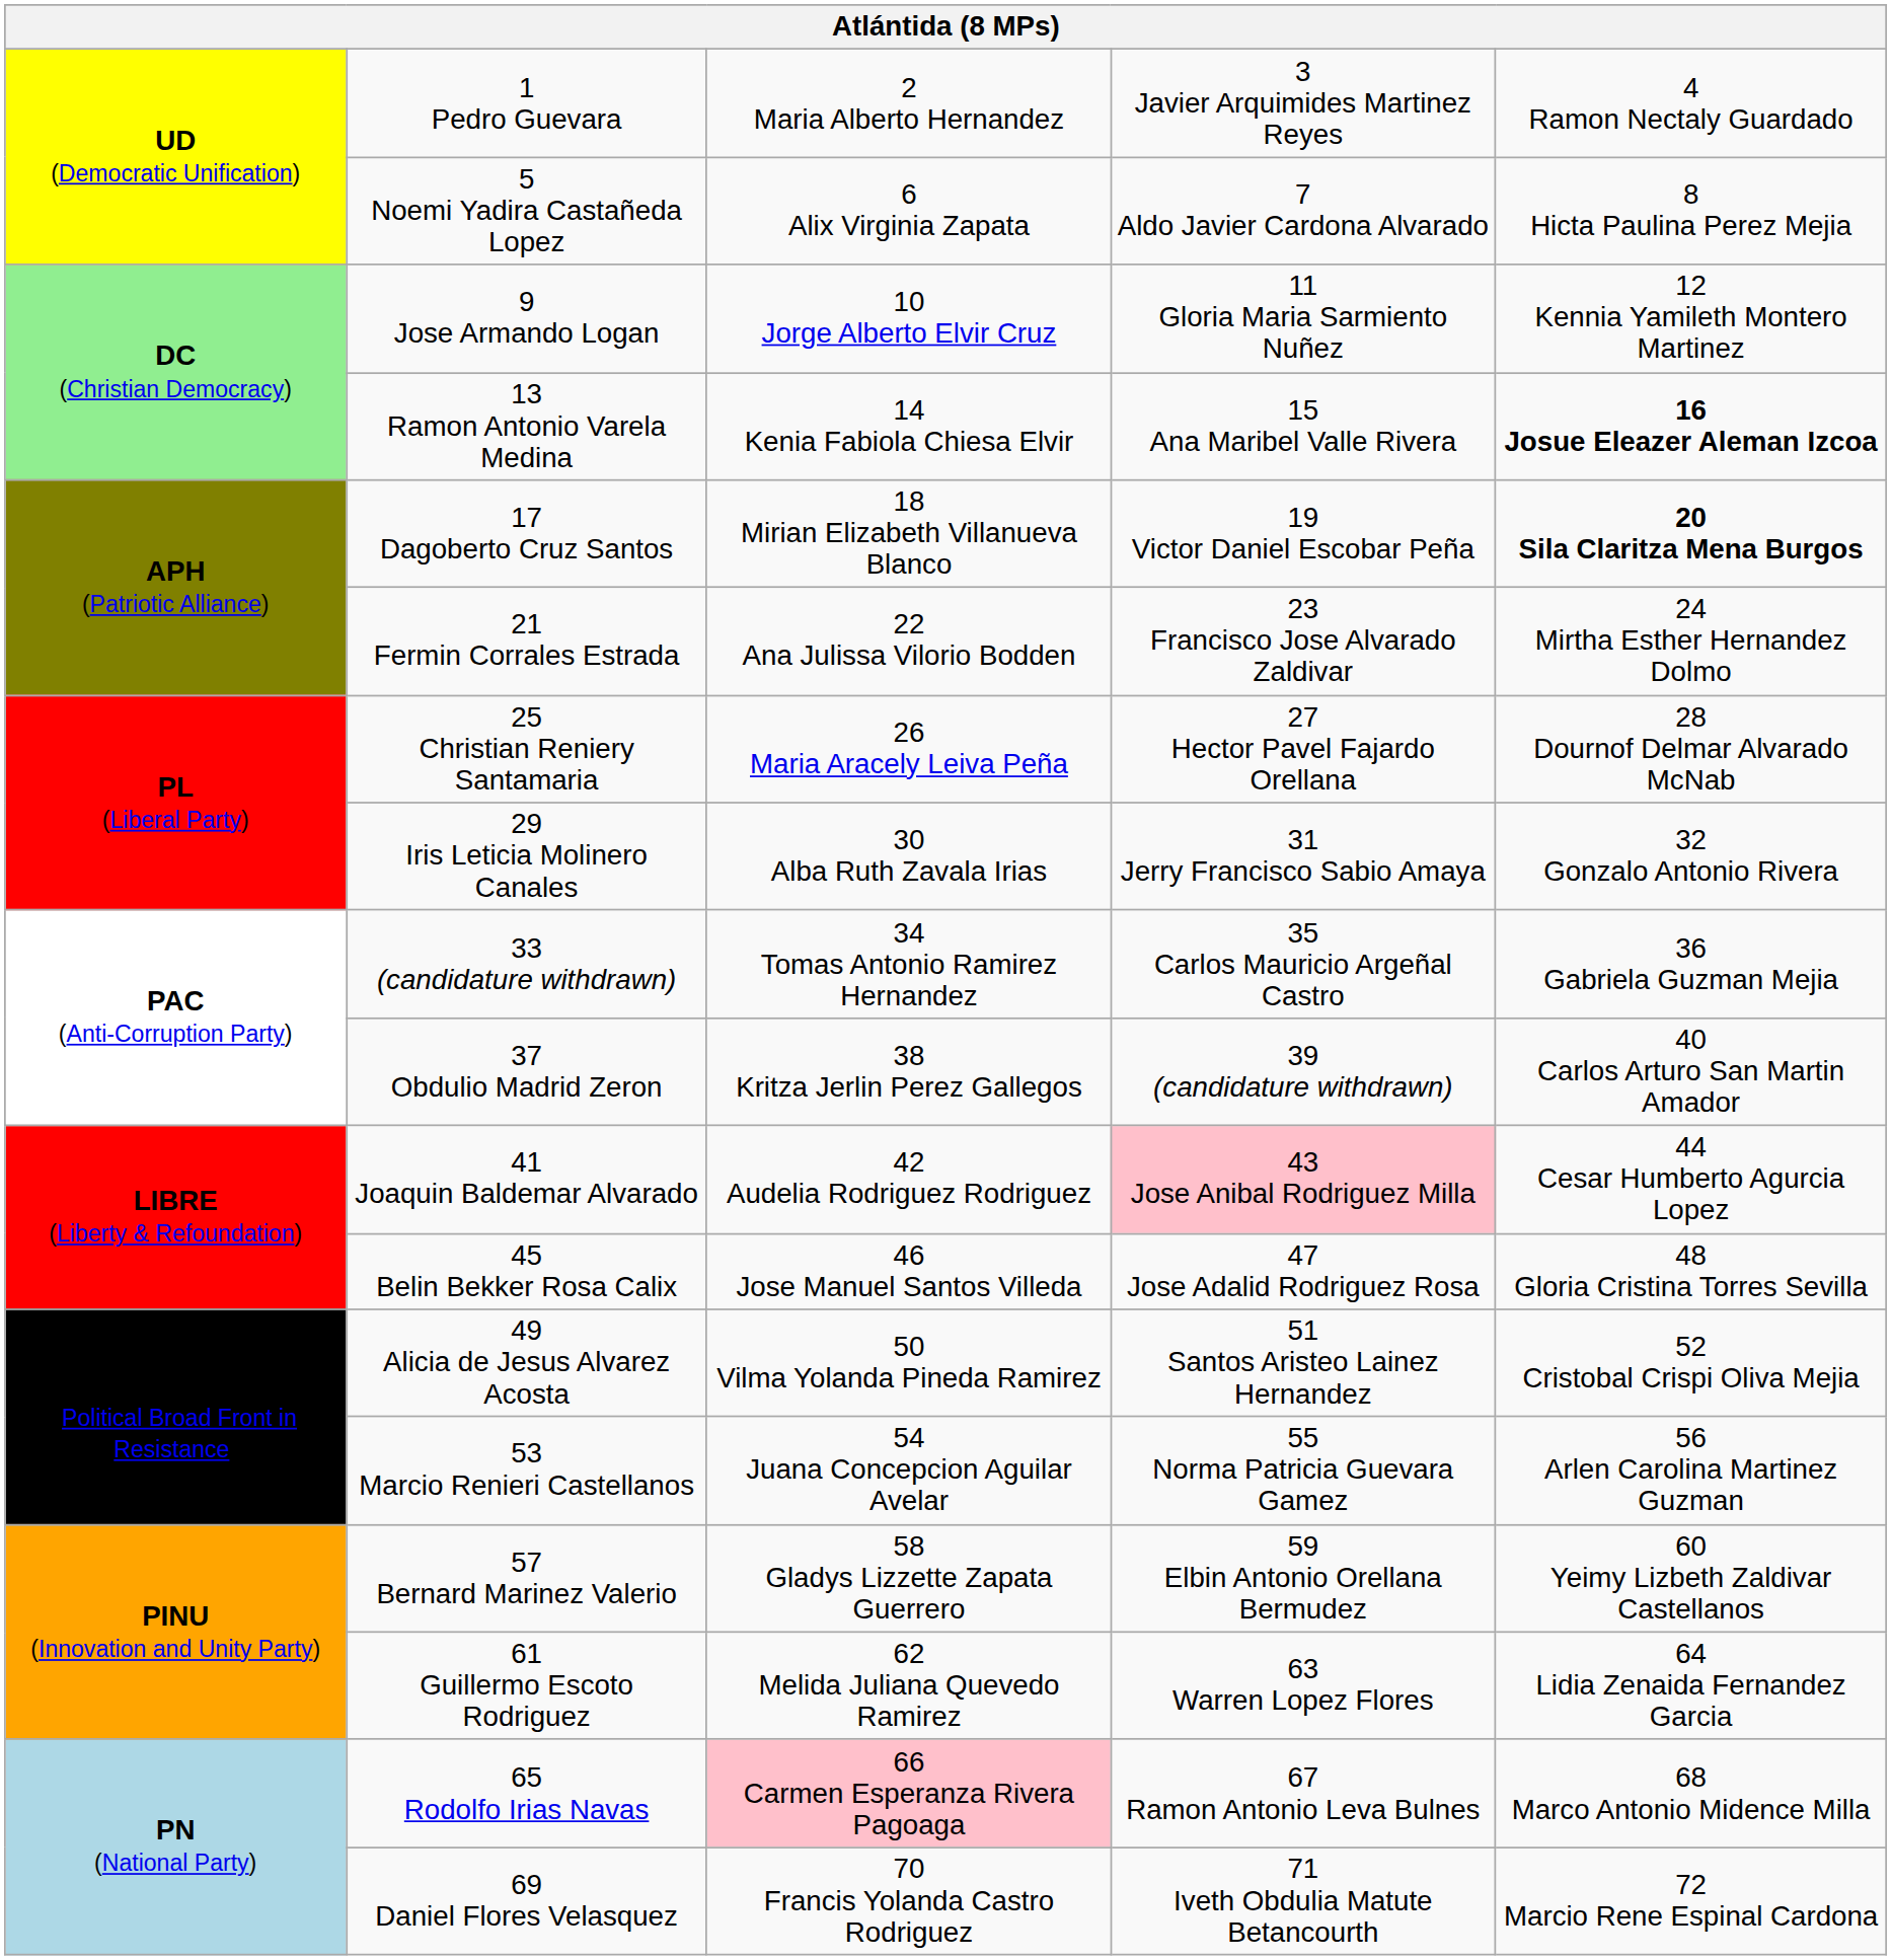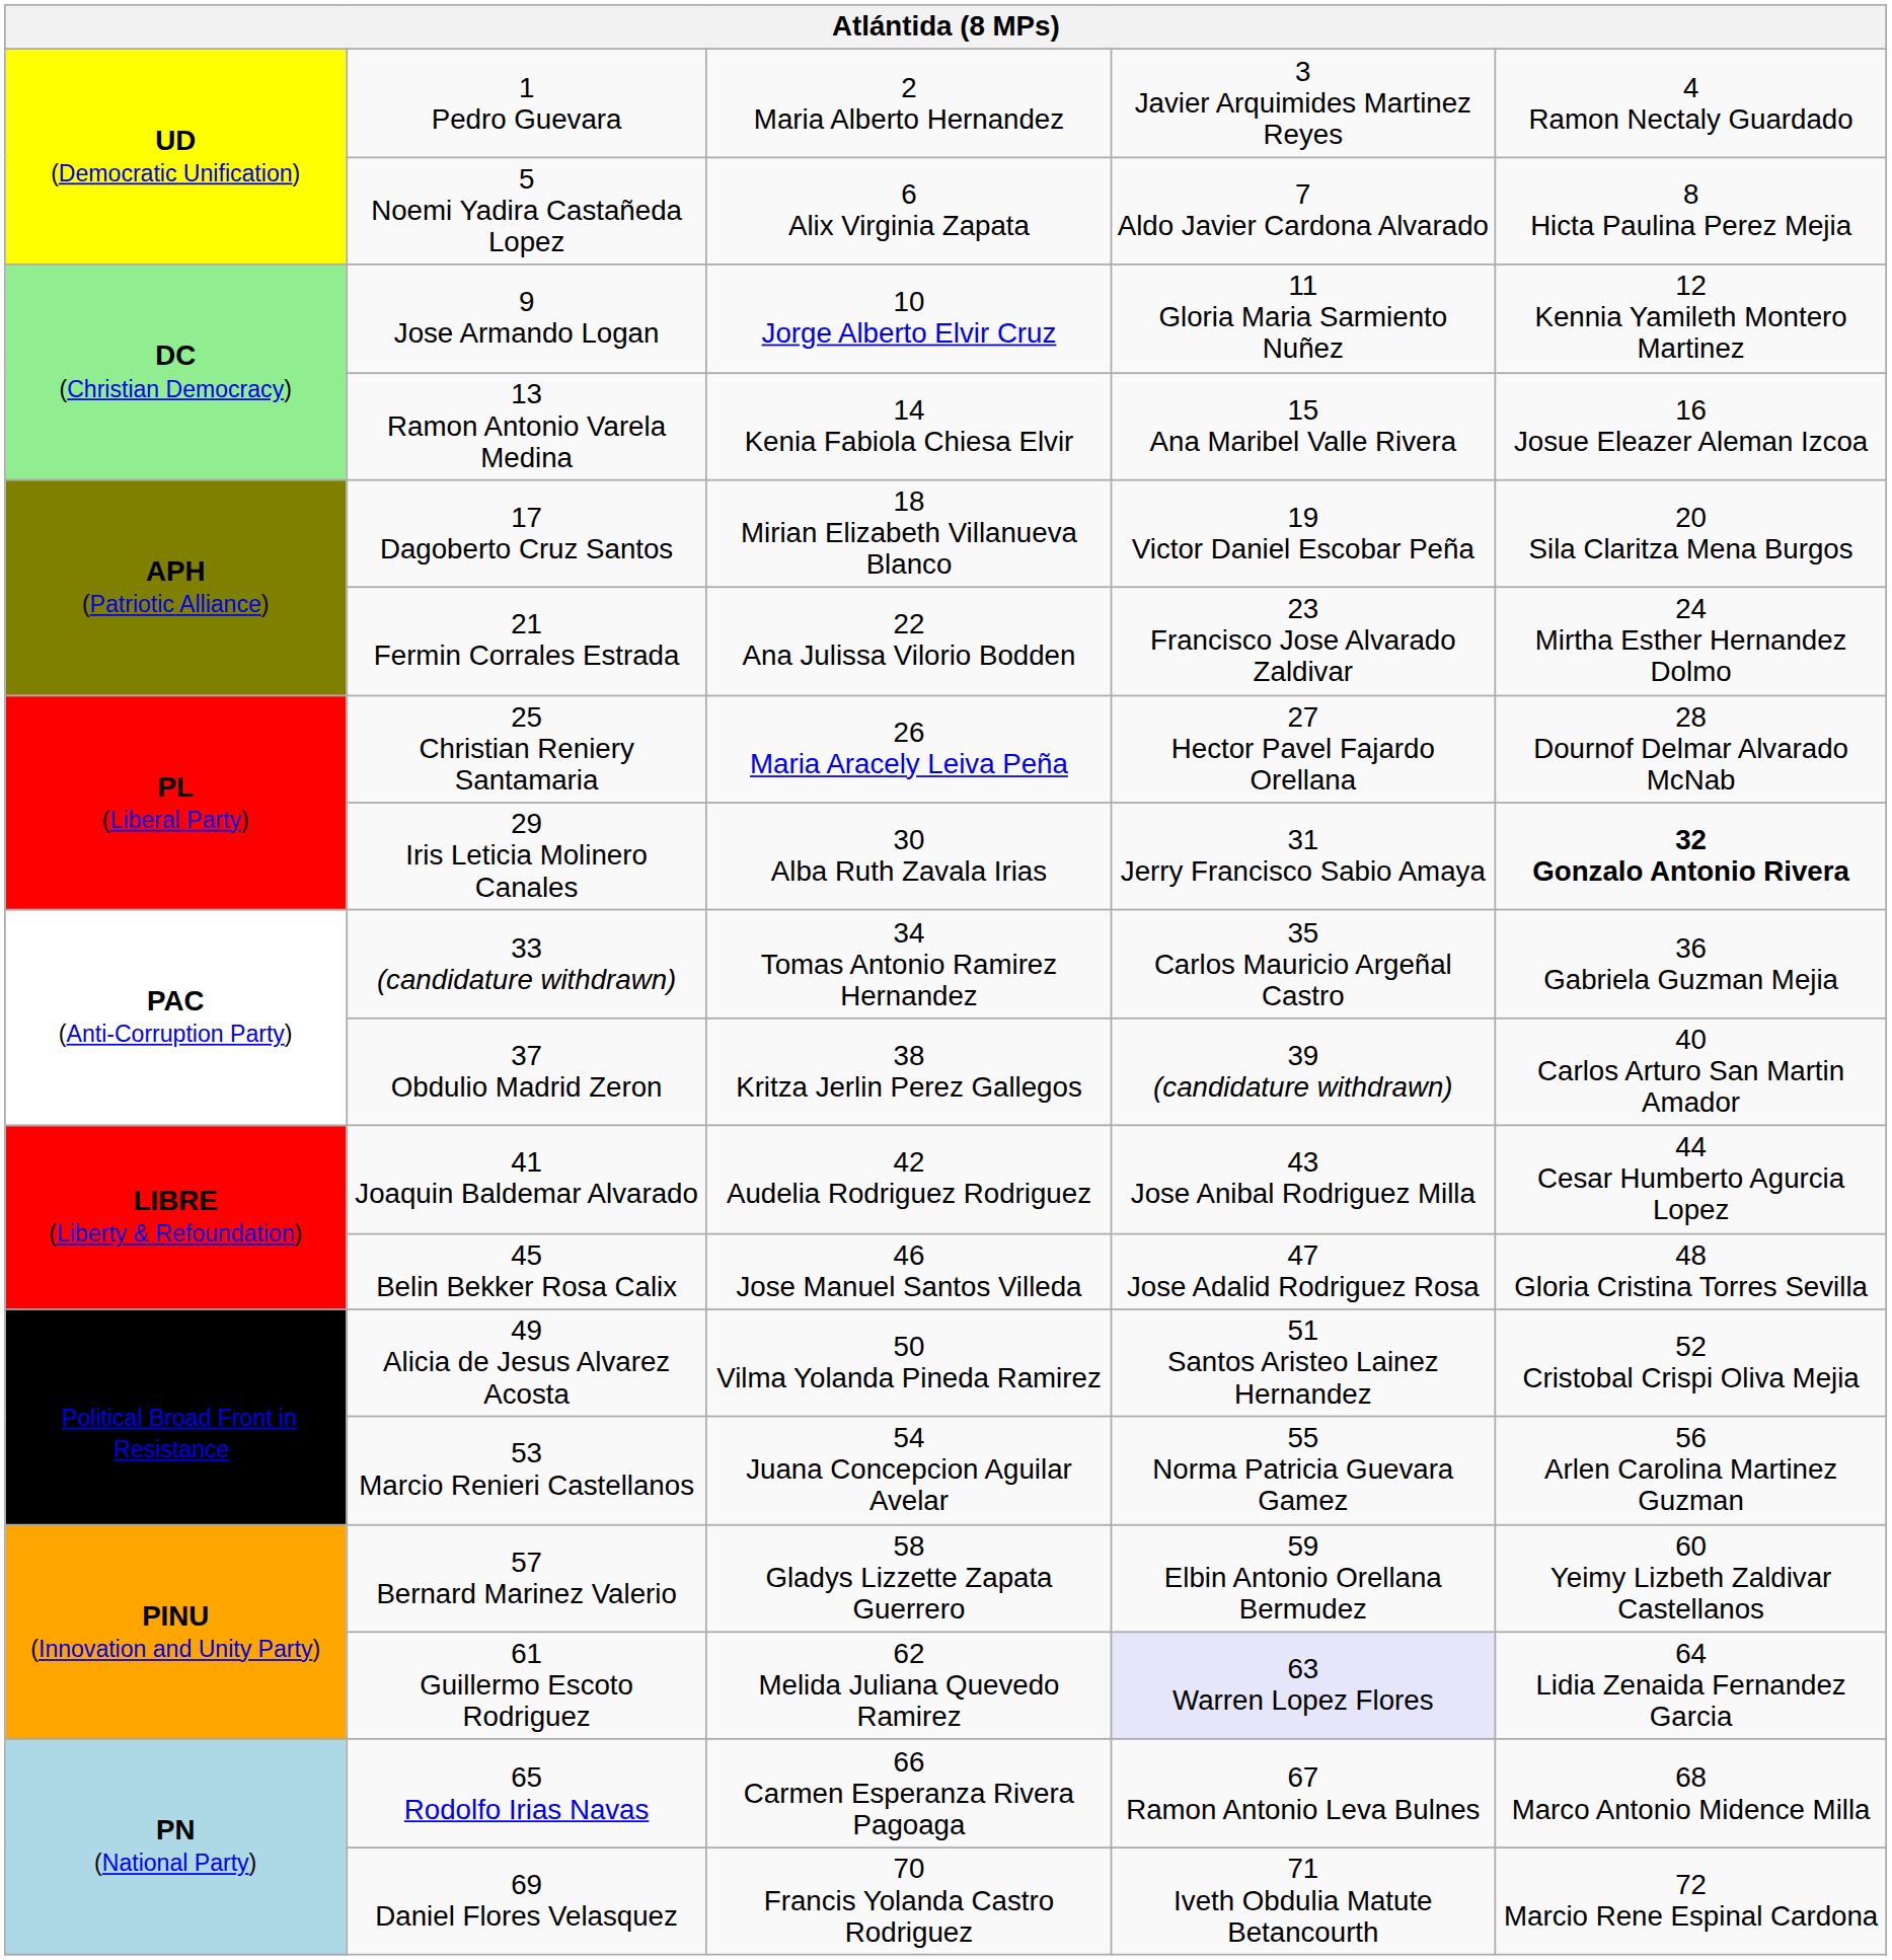 <table class="wikitable" align="center" style="width: 85%">
 <tr>
 <th colspan=24>Atlántida (8 MPs)</th>
 </tr>
 <tr align="center">
 <td bgcolor="yellow" rowspan=2><span><span><strong>UD</strong></span></span><br><small>(<a href='#'>Democratic Unification</a>)</small></td>
 <td>1<br>Pedro Guevara</td>
 <td>2<br>Maria Alberto Hernandez</td>
 <td>3<br>Javier Arquimides Martinez Reyes</td>
 <td>4<br>Ramon Nectaly Guardado</td>
 </tr>
 <tr align="center">
 <td>5<br>Noemi Yadira Castañeda Lopez</td>
 <td>6<br>Alix Virginia Zapata</td>
 <td>7<br>Aldo Javier Cardona Alvarado</td>
 <td>8<br>Hicta Paulina Perez Mejia</td>
 </tr>
 <tr align="center">
 <td bgcolor="lightgreen" rowspan=2><span><span><strong>DC</strong></span></span><br><small>(<a href='#'>Christian Democracy</a>)</small></td>
 <td>9<br>Jose Armando Logan</td>
 <td>10<br><a href='#'>Jorge Alberto Elvir Cruz</a></td>
 <td>11<br>Gloria Maria Sarmiento Nuñez</td>
 <td>12<br>Kennia Yamileth Montero Martinez</td>
 </tr>
 <tr align="center">
 <td>13<br>Ramon Antonio Varela Medina</td>
 <td>14<br>Kenia Fabiola Chiesa Elvir</td>
 <td>15<br>Ana Maribel Valle Rivera</td>
-<td><strong>16<br>Josue Eleazer Aleman Izcoa</strong></td>
+<td>16<br>Josue Eleazer Aleman Izcoa</td>
 </tr>
 <tr align="center">
 <td bgcolor="olive" rowspan=2><span><span><strong>APH</strong></span></span><br><small>(<a href='#'>Patriotic Alliance</a>)</small></td>
 <td>17<br>Dagoberto Cruz Santos</td>
 <td>18<br>Mirian Elizabeth Villanueva Blanco</td>
 <td>19<br>Victor Daniel Escobar Peña</td>
-<td><strong>20<br>Sila Claritza Mena Burgos</strong></td>
+<td>20<br>Sila Claritza Mena Burgos</td>
 </tr>
 <tr align="center">
 <td>21<br>Fermin Corrales Estrada</td>
 <td>22<br>Ana Julissa Vilorio Bodden</td>
 <td>23<br>Francisco Jose Alvarado Zaldivar</td>
 <td>24<br>Mirtha Esther Hernandez Dolmo</td>
 </tr>
 <tr align="center">
 <td bgcolor="red" rowspan=2><span><span><strong>PL</strong></span></span><br><small>(<a href='#'>Liberal Party</a>)</small></td>
 <td>25<br>Christian Reniery Santamaria</td>
 <td>26<br><a href='#'>Maria Aracely Leiva Peña</a></td>
 <td>27<br>Hector Pavel Fajardo Orellana</td>
 <td>28<br>Dournof Delmar Alvarado McNab</td>
 </tr>
 <tr align="center">
 <td>29<br>Iris Leticia Molinero Canales</td>
 <td>30<br>Alba Ruth Zavala Irias</td>
 <td>31<br>Jerry Francisco Sabio Amaya</td>
-<td>32<br>Gonzalo Antonio Rivera</td>
+<td><strong>32<br>Gonzalo Antonio Rivera</strong></td>
 </tr>
 <tr align="center">
 <td bgcolor="white" rowspan=2><span><span><strong>PAC</strong></span></span><br><small>(<a href='#'>Anti-Corruption Party</a>)</small></td>
 <td>33<br><em>(candidature withdrawn)</em></td>
 <td>34<br>Tomas Antonio Ramirez Hernandez</td>
 <td>35<br>Carlos Mauricio Argeñal Castro</td>
 <td>36<br>Gabriela Guzman Mejia</td>
 </tr>
 <tr align="center">
 <td>37<br>Obdulio Madrid Zeron</td>
 <td>38<br>Kritza Jerlin Perez Gallegos</td>
 <td>39<br><em>(candidature withdrawn)</em></td>
 <td>40<br>Carlos Arturo San Martin Amador</td>
 </tr>
 <tr align="center">
 <td bgcolor="red" rowspan=2><span><span><strong>LIBRE</strong></span></span><br><small>(<a href='#'>Liberty & Refoundation</a>)</small></td>
 <td>41<br>Joaquin Baldemar Alvarado</td>
 <td>42<br>Audelia Rodriguez Rodriguez</td>
-<td style="background: pink;">43<br>Jose Anibal Rodriguez Milla</td>
+<td>43<br>Jose Anibal Rodriguez Milla</td>
 <td>44<br>Cesar Humberto Agurcia Lopez</td>
 </tr>
 <tr align="center">
 <td>45<br>Belin Bekker Rosa Calix</td>
 <td>46<br>Jose Manuel Santos Villeda</td>
 <td>47<br>Jose Adalid Rodriguez Rosa</td>
 <td>48<br>Gloria Cristina Torres Sevilla</td>
 </tr>
 <tr align="center">
 <td bgcolor="black" rowspan=2><span><span><strong>FAPER</strong></span></span><br><small>(<a href='#'>Political Broad Front in Resistance</a>)</small></td>
 <td>49<br>Alicia de Jesus Alvarez Acosta</td>
 <td>50<br>Vilma Yolanda Pineda Ramirez</td>
 <td>51<br>Santos Aristeo Lainez Hernandez</td>
 <td>52<br>Cristobal Crispi Oliva Mejia</td>
 </tr>
 <tr align="center">
 <td>53<br>Marcio Renieri Castellanos</td>
 <td>54<br>Juana Concepcion Aguilar Avelar</td>
 <td>55<br>Norma Patricia Guevara Gamez</td>
 <td>56<br>Arlen Carolina Martinez Guzman</td>
 </tr>
 <tr align="center">
 <td bgcolor="orange" rowspan=2><span><span><strong>PINU</strong></span></span><br><small>(<a href='#'>Innovation and Unity Party</a>)</small></td>
 <td>57<br>Bernard Marinez Valerio</td>
 <td>58<br>Gladys Lizzette Zapata Guerrero</td>
 <td>59<br>Elbin Antonio Orellana Bermudez</td>
 <td>60<br>Yeimy Lizbeth Zaldivar Castellanos</td>
 </tr>
 <tr align="center">
 <td>61<br>Guillermo Escoto Rodriguez</td>
 <td>62<br>Melida Juliana Quevedo Ramirez</td>
-<td>63<br>Warren Lopez Flores</td>
+<td style="background: lavender;">63<br>Warren Lopez Flores</td>
 <td>64<br>Lidia Zenaida Fernandez Garcia</td>
 </tr>
 <tr align="center">
 <td bgcolor="lightblue" rowspan=2><span><span><strong>PN</strong></span></span><br><small>(<a href='#'>National Party</a>)</small></td>
 <td>65<br><a href='#'>Rodolfo Irias Navas</a></td>
-<td style="background: pink;">66<br>Carmen Esperanza Rivera Pagoaga</td>
+<td>66<br>Carmen Esperanza Rivera Pagoaga</td>
 <td>67<br>Ramon Antonio Leva Bulnes</td>
 <td>68<br>Marco Antonio Midence Milla</td>
 </tr>
 <tr align="center">
 <td>69<br>Daniel Flores Velasquez</td>
 <td>70<br>Francis Yolanda Castro Rodriguez</td>
 <td>71<br>Iveth Obdulia Matute Betancourth</td>
 <td>72<br>Marcio Rene Espinal Cardona</td>
 </tr>
 </table>
